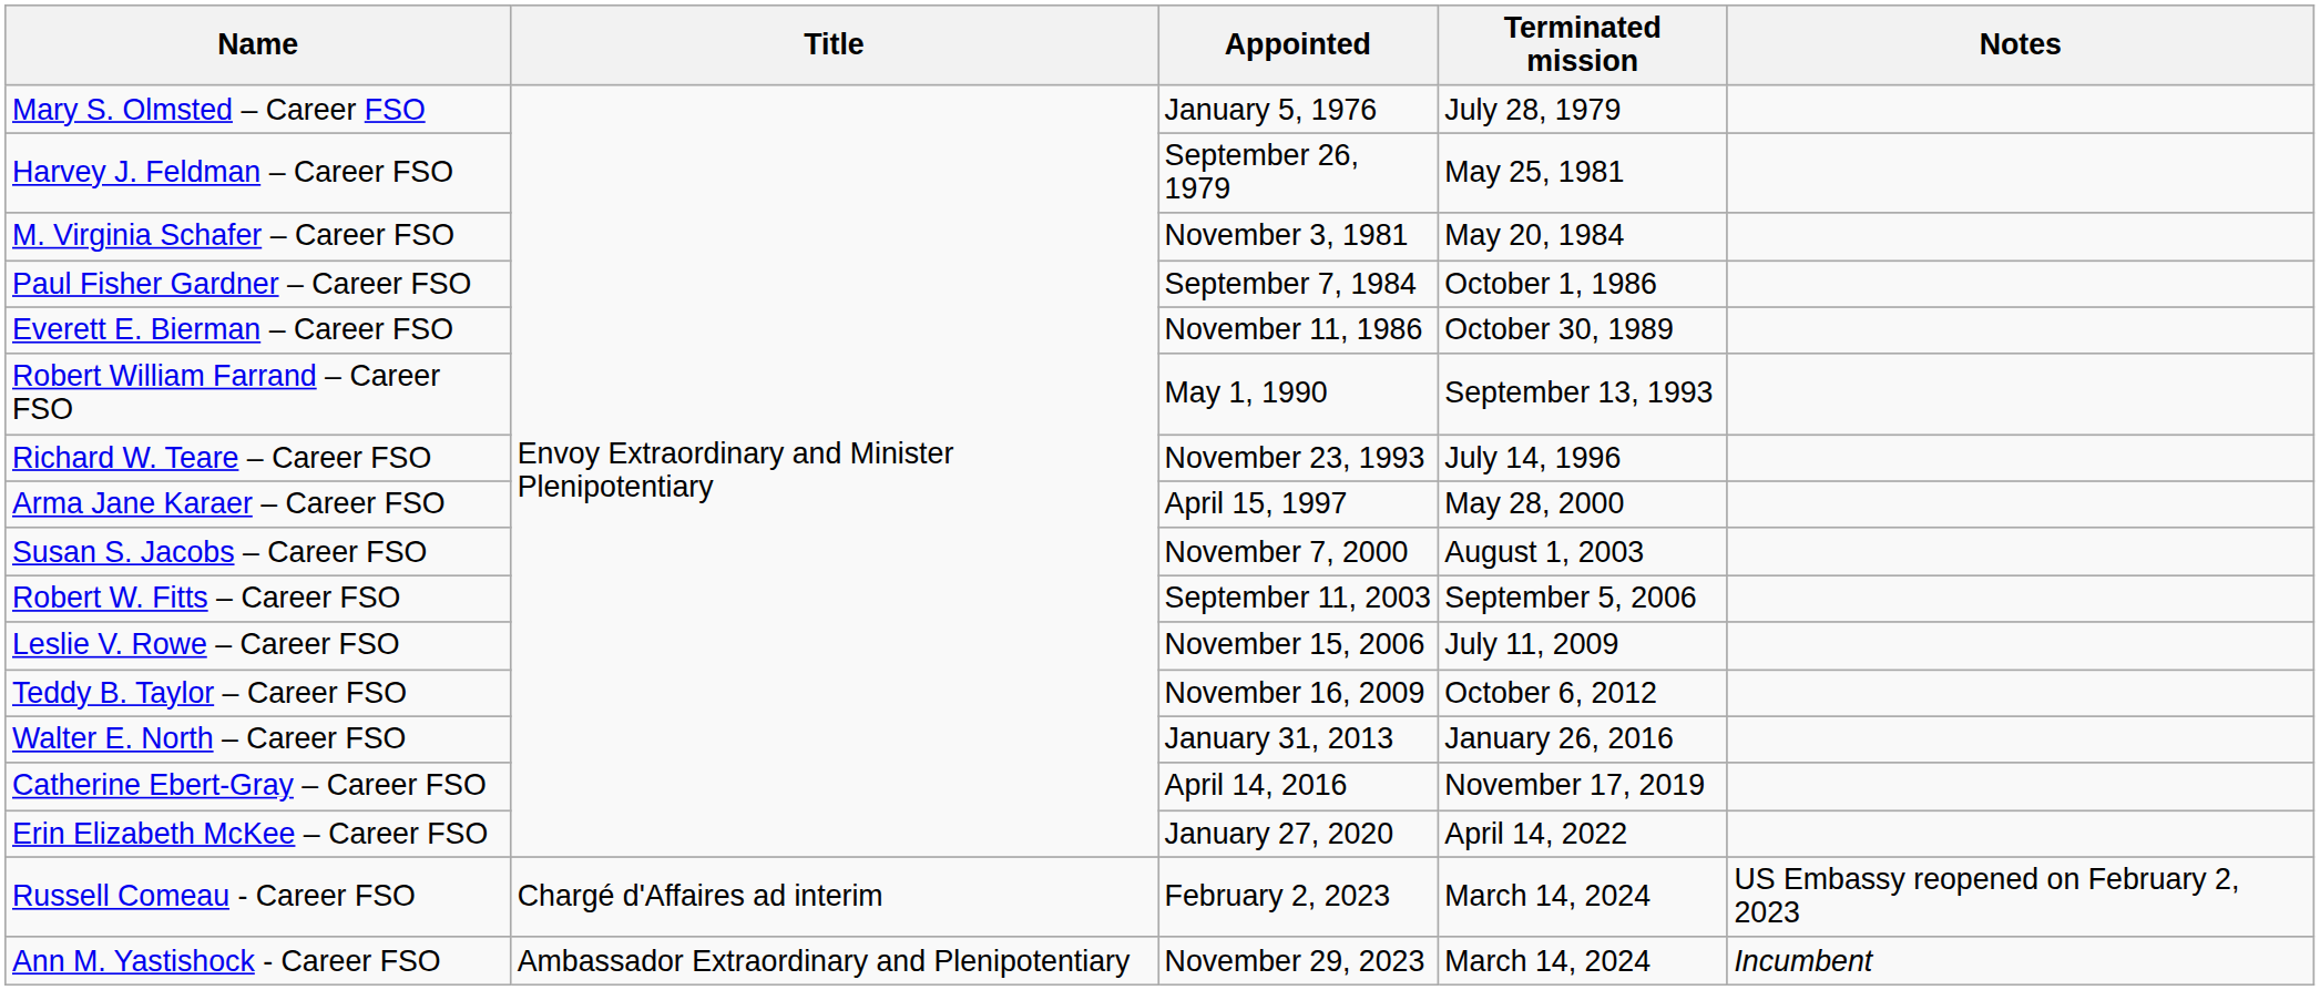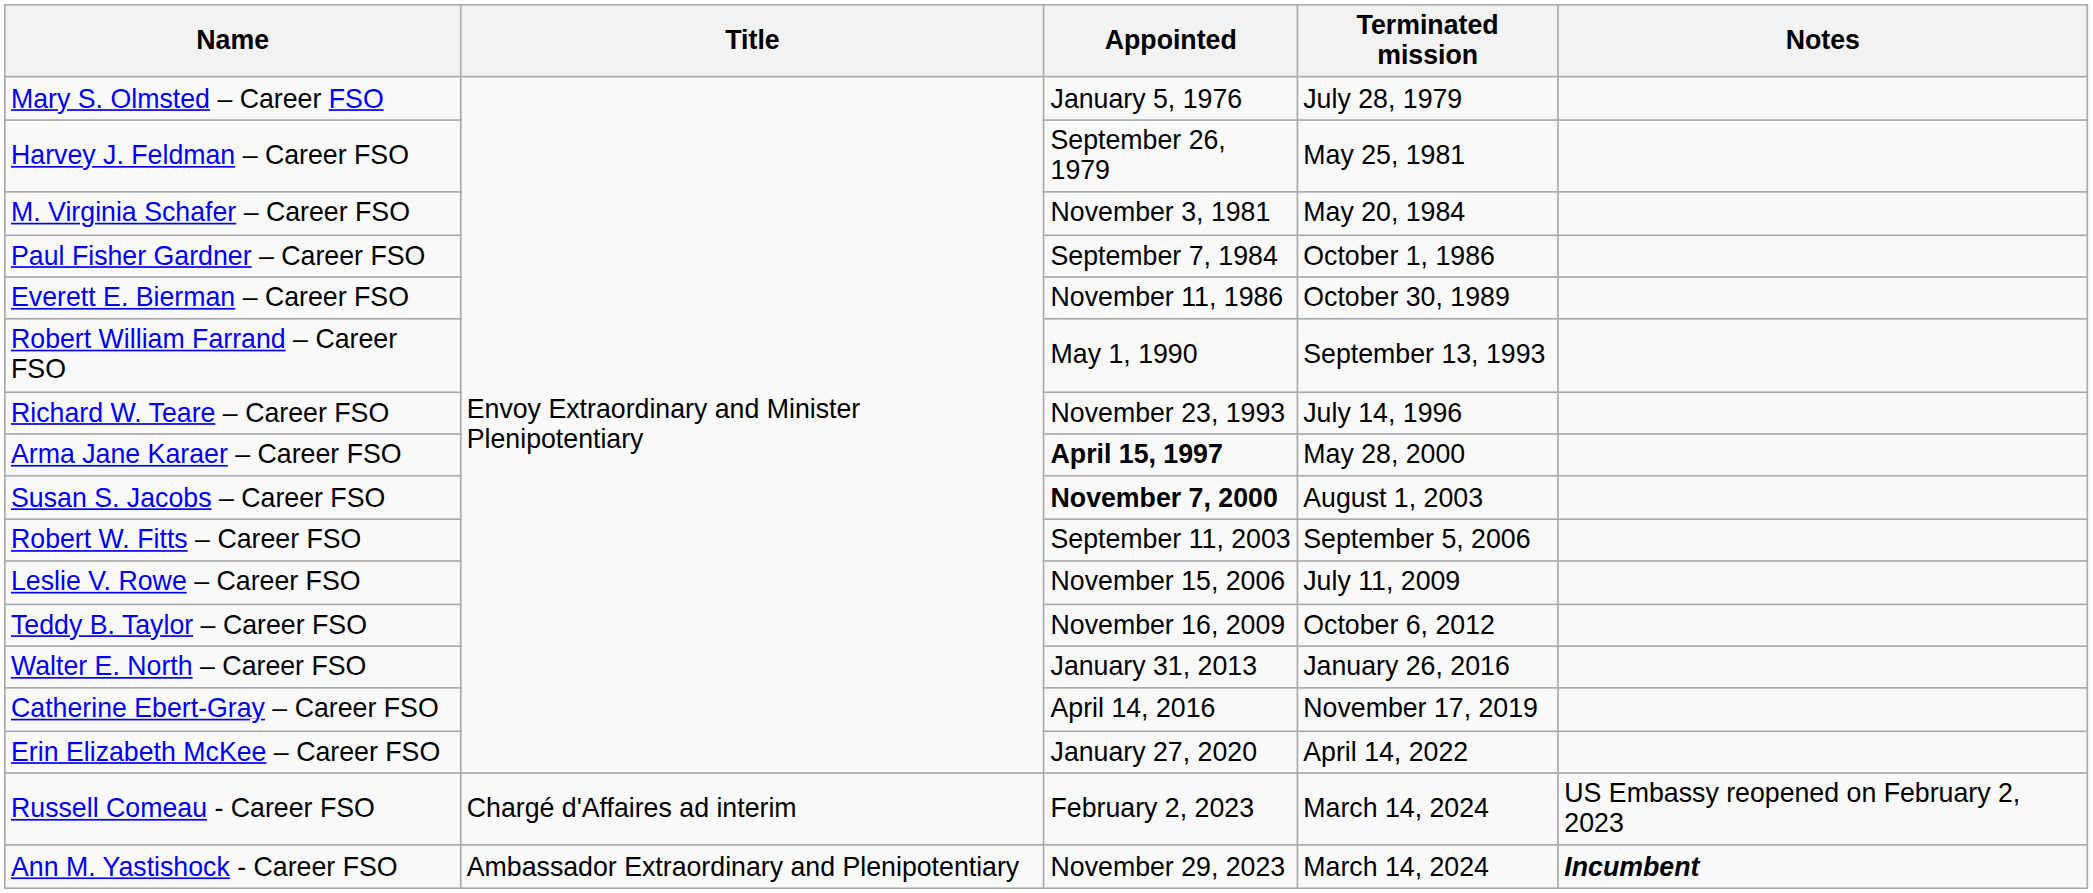 <table class="wikitable">
 <tr>
 <th>Name</th>
 <th>Title</th>
 <th>Appointed</th>
 <th>Terminated mission</th>
 <th>Notes</th>
 </tr>
 <tr>
 <td><a href='#'>Mary S. Olmsted</a> – Career <a href='#'>FSO</a></td>
 <td rowspan="15">Envoy Extraordinary and Minister Plenipotentiary</td>
 <td>January 5, 1976</td>
 <td>July 28, 1979</td>
 <td></td>
 </tr>
 <tr>
 <td><a href='#'>Harvey J. Feldman</a> – Career FSO</td>
 <td>September 26, 1979</td>
 <td>May 25, 1981</td>
 <td></td>
 </tr>
 <tr>
 <td><a href='#'>M. Virginia Schafer</a> – Career FSO</td>
 <td>November 3, 1981</td>
 <td>May 20, 1984</td>
 <td></td>
 </tr>
 <tr>
 <td><a href='#'>Paul Fisher Gardner</a> – Career FSO</td>
 <td>September 7, 1984</td>
 <td>October 1, 1986</td>
 <td></td>
 </tr>
 <tr>
 <td><a href='#'>Everett E. Bierman</a> – Career FSO</td>
 <td>November 11, 1986</td>
 <td>October 30, 1989</td>
 <td></td>
 </tr>
 <tr>
 <td><a href='#'>Robert William Farrand</a> – Career FSO</td>
 <td>May 1, 1990</td>
 <td>September 13, 1993</td>
 <td></td>
 </tr>
 <tr>
 <td><a href='#'>Richard W. Teare</a> – Career FSO</td>
 <td>November 23, 1993</td>
 <td>July 14, 1996</td>
 <td></td>
 </tr>
 <tr>
 <td><a href='#'>Arma Jane Karaer</a> – Career FSO</td>
-<td>April 15, 1997</td>
+<td><strong>April 15, 1997</strong></td>
 <td>May 28, 2000</td>
 <td></td>
 </tr>
 <tr>
 <td><a href='#'>Susan S. Jacobs</a> – Career FSO</td>
-<td>November 7, 2000</td>
+<td><strong>November 7, 2000</strong></td>
 <td>August 1, 2003</td>
 <td></td>
 </tr>
 <tr>
 <td><a href='#'>Robert W. Fitts</a> – Career FSO</td>
 <td>September 11, 2003</td>
 <td>September 5, 2006</td>
 <td></td>
 </tr>
 <tr>
 <td><a href='#'>Leslie V. Rowe</a> – Career FSO</td>
 <td>November 15, 2006</td>
 <td>July 11, 2009</td>
 <td></td>
 </tr>
 <tr>
 <td><a href='#'>Teddy B. Taylor</a> – Career FSO</td>
 <td>November 16, 2009</td>
 <td>October 6, 2012</td>
 <td></td>
 </tr>
 <tr>
 <td><a href='#'>Walter E. North</a> – Career FSO</td>
 <td>January 31, 2013</td>
 <td>January 26, 2016</td>
 <td></td>
 </tr>
 <tr>
 <td><a href='#'>Catherine Ebert-Gray</a> – Career FSO</td>
 <td>April 14, 2016</td>
 <td>November 17, 2019</td>
 <td></td>
 </tr>
 <tr>
 <td><a href='#'>Erin Elizabeth McKee</a> – Career FSO</td>
 <td>January 27, 2020</td>
 <td>April 14, 2022</td>
 <td></td>
 </tr>
 <tr>
 <td><a href='#'>Russell Comeau</a> - Career FSO</td>
 <td>Chargé d'Affaires ad interim</td>
 <td>February 2, 2023</td>
 <td>March 14, 2024</td>
 <td>US Embassy reopened on February 2, 2023</td>
 </tr>
 <tr>
 <td><a href='#'>Ann M. Yastishock</a> - Career FSO</td>
 <td>Ambassador Extraordinary and Plenipotentiary</td>
 <td>November 29, 2023</td>
 <td>March 14, 2024</td>
-<td><em>Incumbent</em></td>
+<td><strong><em>Incumbent</em></strong></td>
 </tr>
 </table>
